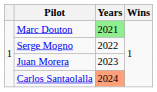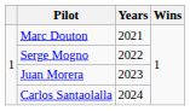 <table class="wikitable">
 <tr>
 <th></th>
 <th>Pilot</th>
 <th>Years</th>
 <th>Wins</th>
 </tr>
 <tr>
 <td rowspan="4">1</td>
 <td> <a href='#'>Marc Douton</a></td>
-<td style="background: lightgreen;">2021</td>
+<td>2021</td>
 <td rowspan="4">1</td>
 </tr>
 <tr>
 <td> <a href='#'>Serge Mogno</a></td>
 <td>2022</td>
 </tr>
 <tr>
 <td> <a href='#'>Juan Morera</a></td>
 <td>2023</td>
 </tr>
 <tr>
 <td> <a href='#'>Carlos Santaolalla</a></td>
-<td style="background: lightsalmon;">2024</td>
+<td>2024</td>
 </tr>
 </table>
